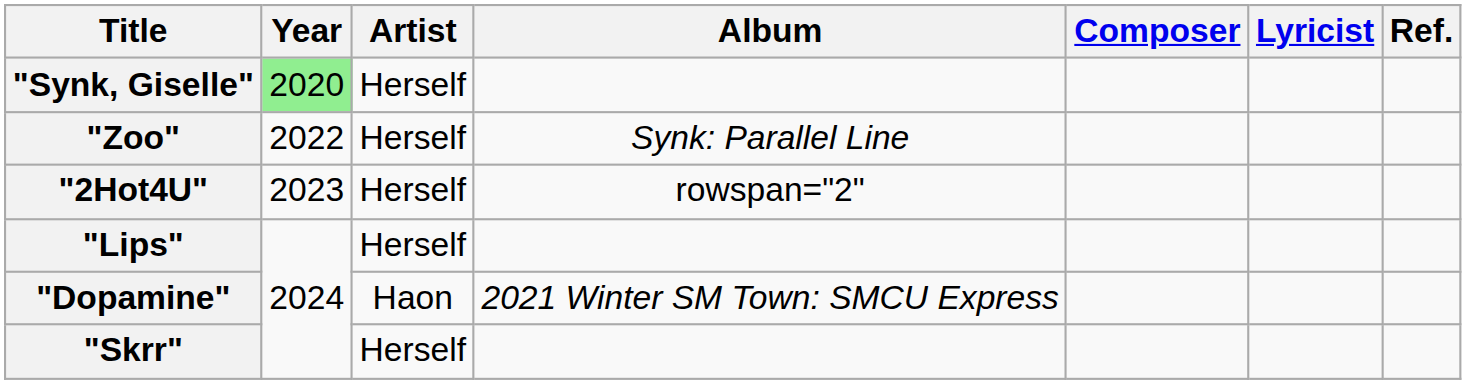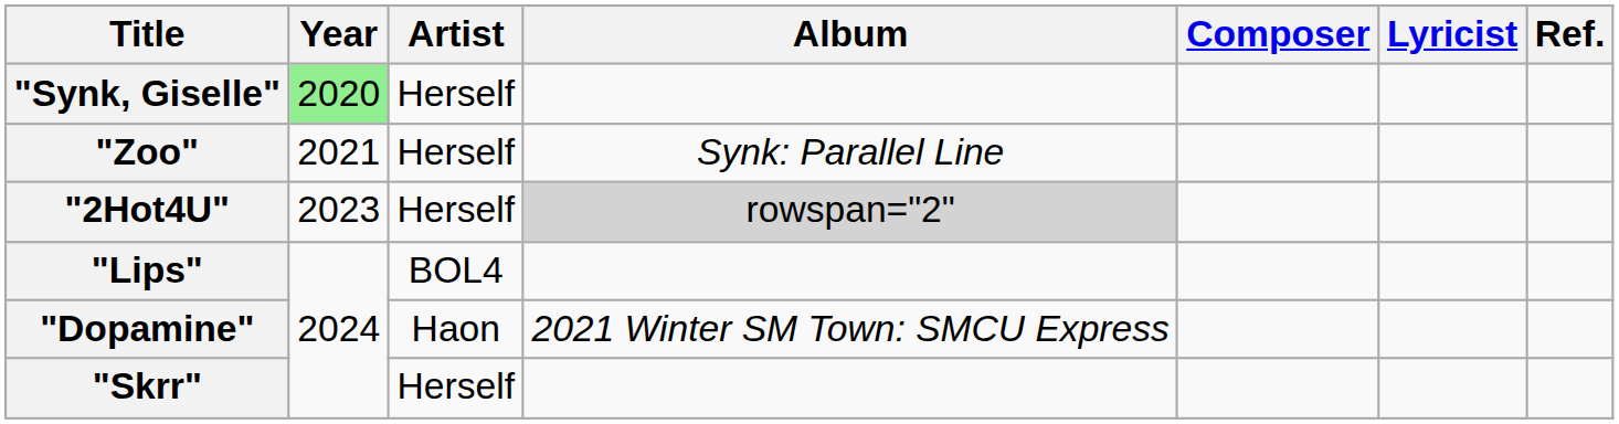 <table class="wikitable plainrowheaders sortable" style="text-align:center">
 <tr>
 <th scope="col">Title</th>
 <th scope="col">Year</th>
 <th scope="col">Artist</th>
 <th scope="col">Album</th>
 <th scope="col" class="unsortable"><a href='#'>Composer</a></th>
 <th scope="col" class="unsortable"><a href='#'>Lyricist</a></th>
 <th scope="col" class="unsortable">Ref.</th>
 </tr>
 <tr>
 <th scope="row">"Synk, Giselle"</th>
 <td style="background: lightgreen;">2020</td>
 <td>Herself</td>
 <td></td>
 <td></td>
 <td></td>
 <td></td>
 </tr>
 <tr>
 <th scope="row">"Zoo"</th>
-<td>2022</td>
+<td>2021</td>
 <td>Herself<br></td>
 <td><em>Synk: Parallel Line</em></td>
 <td></td>
 <td></td>
 <td></td>
 </tr>
 <tr>
 <th scope="row">"2Hot4U"</th>
 <td>2023</td>
 <td>Herself</td>
-<td>rowspan="2" </td>
+<td style="background: lightgrey;">rowspan="2" </td>
 <td></td>
 <td></td>
 <td></td>
 </tr>
 <tr>
 <th scope="row">"Lips"</th>
 <td rowspan="3">2024</td>
-<td>Herself</td>
+<td>BOL4<br></td>
 <td></td>
 <td></td>
 <td></td>
 </tr>
 <tr>
 <th scope="row">"Dopamine"</th>
 <td>Haon<br></td>
 <td><em>2021 Winter SM Town: SMCU Express</em></td>
 <td></td>
 <td></td>
 <td></td>
 </tr>
 <tr>
 <th scope="row">"Skrr"</th>
 <td>Herself</td>
 <td></td>
 <td></td>
 <td></td>
 <td></td>
 </tr>
 </table>
